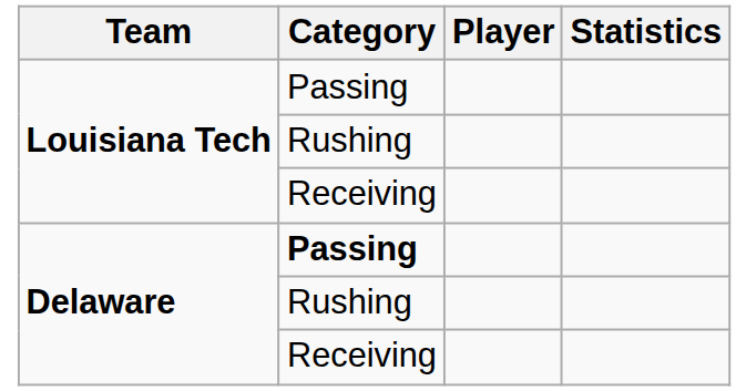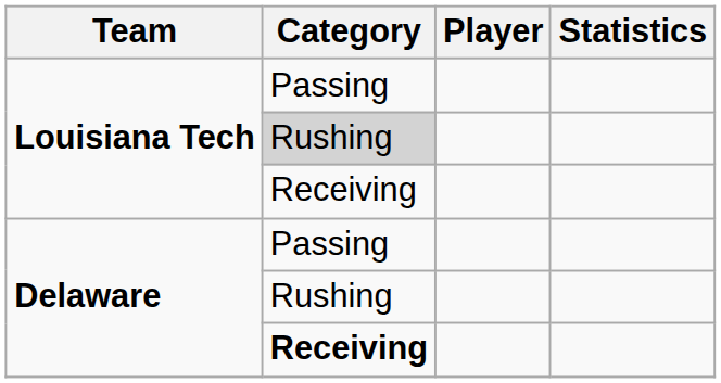 <table class="wikitable" style="float: right;">
 <tr>
 <th>Team</th>
 <th>Category</th>
 <th>Player</th>
 <th>Statistics</th>
 </tr>
 <tr>
 <td rowspan=3><strong>Louisiana Tech</strong></td>
 <td>Passing</td>
 <td></td>
 <td></td>
 </tr>
 <tr>
-<td>Rushing</td>
+<td style="background: lightgrey;">Rushing</td>
 <td></td>
 <td></td>
 </tr>
 <tr>
 <td>Receiving</td>
 <td></td>
 <td></td>
 </tr>
 <tr>
 <td rowspan=3><strong>Delaware</strong></td>
-<td><strong>Passing</strong></td>
+<td>Passing</td>
 <td></td>
 <td></td>
 </tr>
 <tr>
 <td>Rushing</td>
 <td></td>
 <td></td>
 </tr>
 <tr>
-<td>Receiving</td>
+<td><strong>Receiving</strong></td>
 <td></td>
 <td></td>
 </tr>
 </table>
